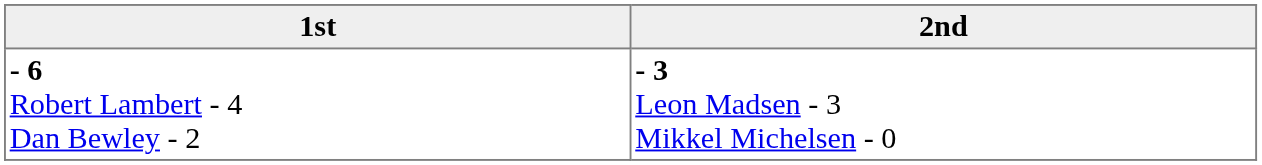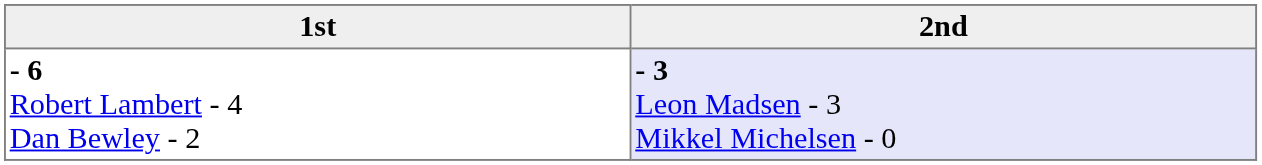 <table border="1" cellpadding="2" cellspacing="0"  style="width:75%; border-collapse:collapse;">
 <tr style="text-align:left; background:#efefef;">
 <th width=15% align=center >1st</th>
 <th width=15% align=center>2nd</th>
 </tr>
 <tr align=left>
 <td valign=top align=left ><strong> - 6</strong><br><a href='#'>Robert Lambert</a> - 4<br><a href='#'>Dan Bewley</a> - 2</td>
-<td valign=top align=left><strong> - 3</strong><br><a href='#'>Leon Madsen</a> - 3<br><a href='#'>Mikkel Michelsen</a> - 0</td>
+<td valign=top align=left style="background: lavender;"><strong> - 3</strong><br><a href='#'>Leon Madsen</a> - 3<br><a href='#'>Mikkel Michelsen</a> - 0</td>
 </tr>
 </table>
